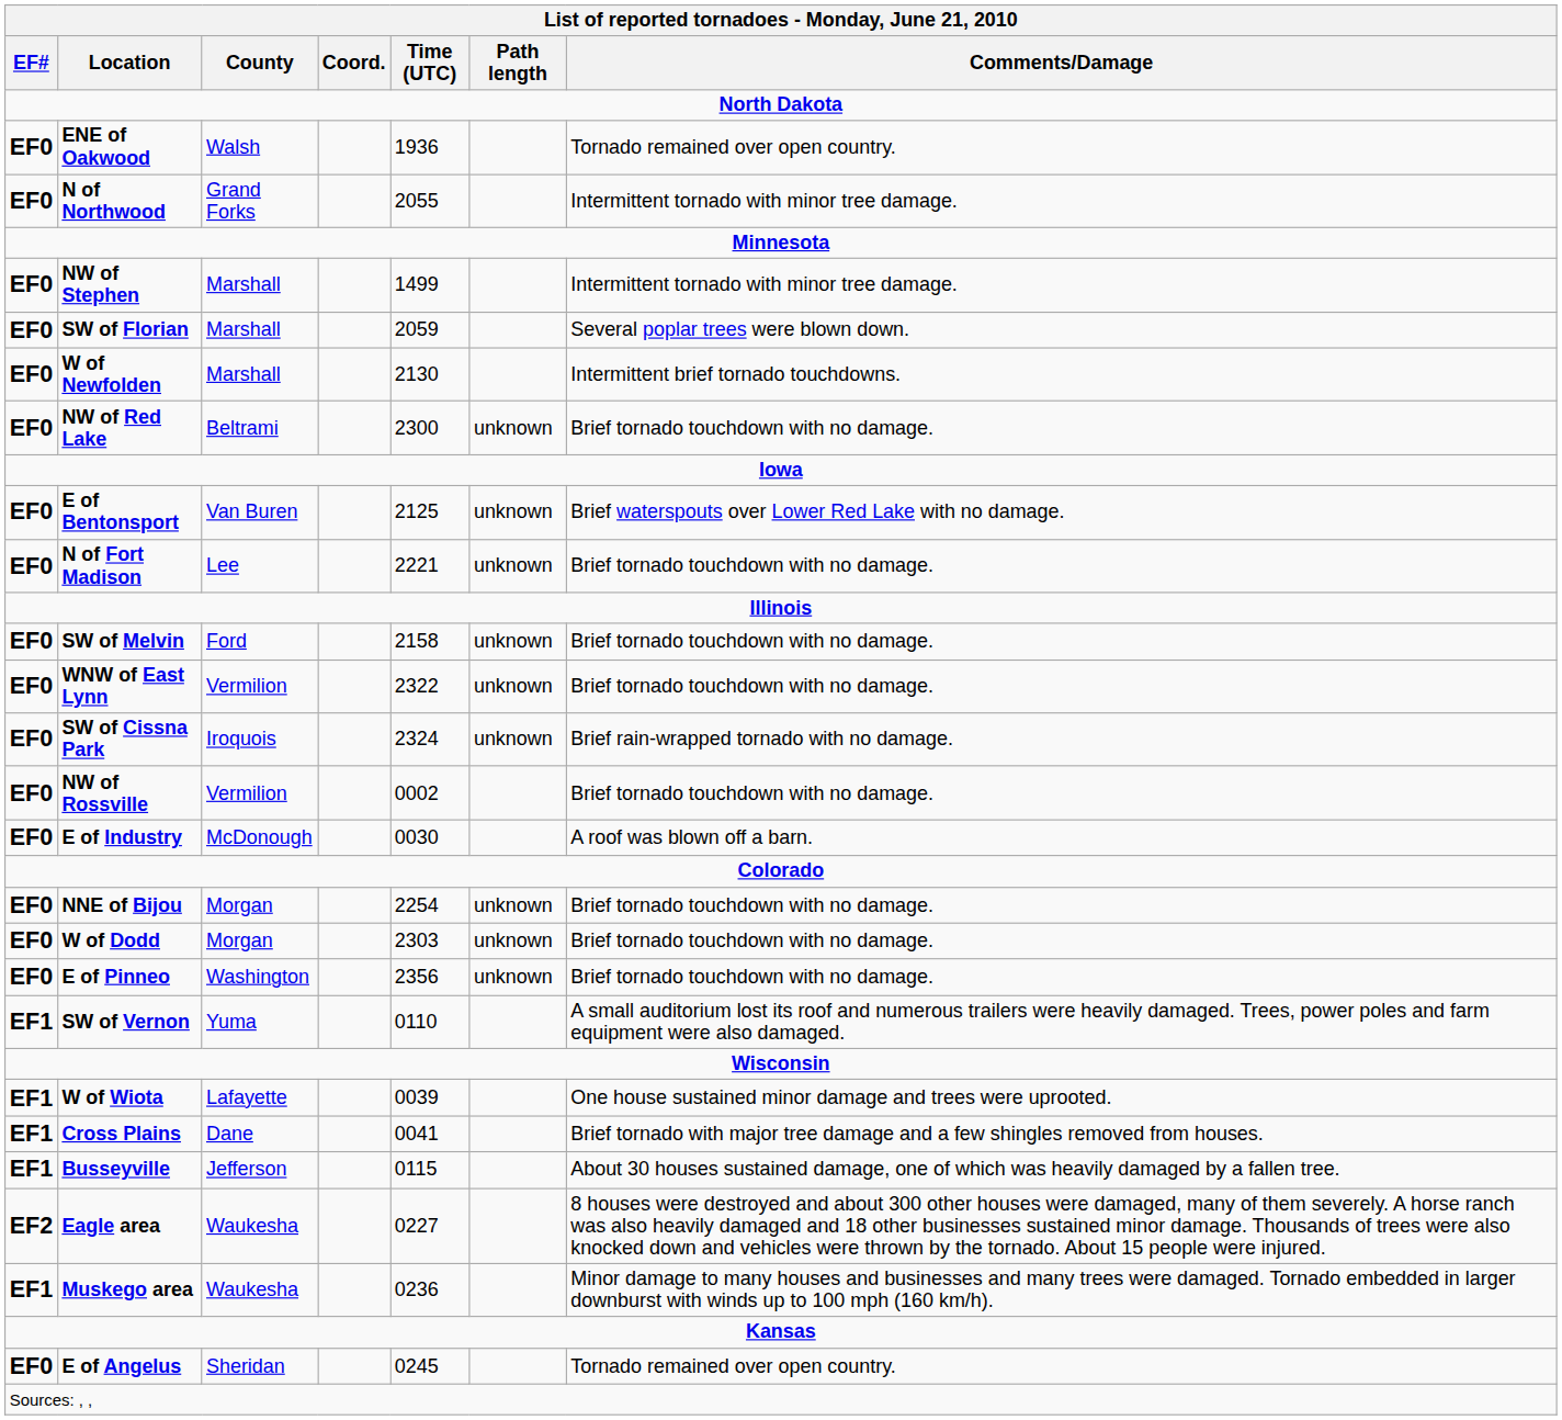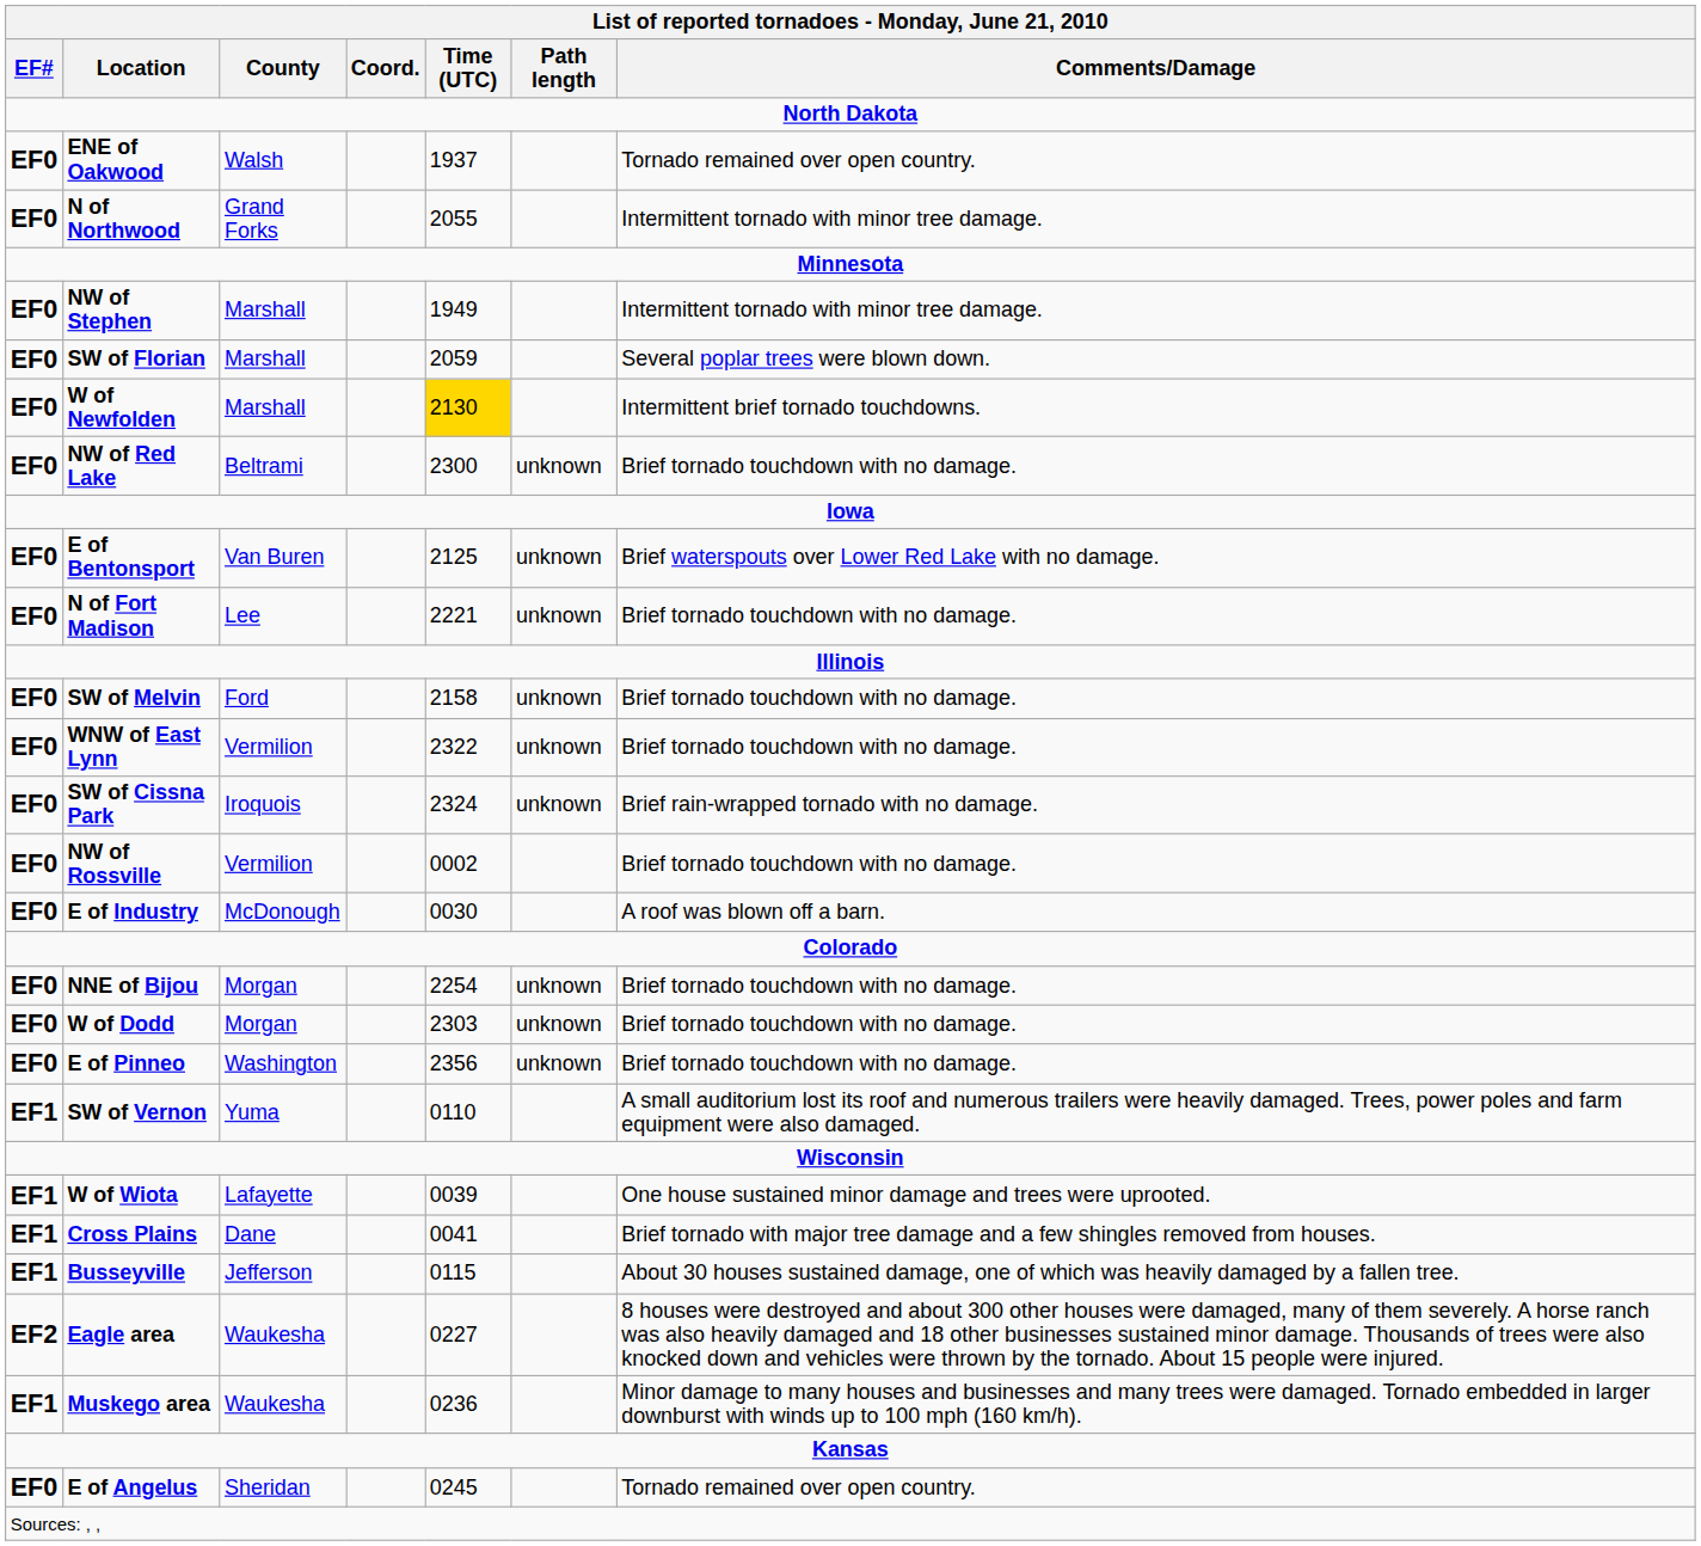 <table class="wikitable collapsible" width="100%">
 <tr>
 <th colspan="7">List of reported tornadoes - Monday, June 21, 2010</th>
 </tr>
 <tr>
 <th><a href='#'>EF#</a></th>
 <th>Location</th>
 <th>County</th>
 <th>Coord.</th>
 <th>Time (UTC)</th>
 <th>Path length</th>
 <th>Comments/Damage</th>
 </tr>
 <tr>
 <td colspan="7" align=center><strong><a href='#'>North Dakota</a></strong></td>
 </tr>
 <tr>
 <td><big><strong>EF0</strong></big></td>
 <td><strong>ENE of <a href='#'>Oakwood</a></strong></td>
 <td><a href='#'>Walsh</a></td>
 <td></td>
-<td>1936</td>
+<td>1937</td>
 <td></td>
 <td>Tornado remained over open country.</td>
 </tr>
 <tr>
 <td><big><strong>EF0</strong></big></td>
 <td><strong>N of <a href='#'>Northwood</a></strong></td>
 <td><a href='#'>Grand Forks</a></td>
 <td></td>
 <td>2055</td>
 <td></td>
 <td>Intermittent tornado with minor tree damage.</td>
 </tr>
 <tr>
 <td colspan="7" align=center><strong><a href='#'>Minnesota</a></strong></td>
 </tr>
 <tr>
 <td><big><strong>EF0</strong></big></td>
 <td><strong>NW of <a href='#'>Stephen</a></strong></td>
 <td><a href='#'>Marshall</a></td>
 <td></td>
-<td>1499</td>
+<td>1949</td>
 <td></td>
 <td>Intermittent tornado with minor tree damage.</td>
 </tr>
 <tr>
 <td><big><strong>EF0</strong></big></td>
 <td><strong>SW of <a href='#'>Florian</a></strong></td>
 <td><a href='#'>Marshall</a></td>
 <td></td>
 <td>2059</td>
 <td></td>
 <td>Several <a href='#'>poplar trees</a> were blown down.</td>
 </tr>
 <tr>
 <td><big><strong>EF0</strong></big></td>
 <td><strong>W of <a href='#'>Newfolden</a></strong></td>
 <td><a href='#'>Marshall</a></td>
 <td></td>
-<td>2130</td>
+<td style="background: gold;">2130</td>
 <td></td>
 <td>Intermittent brief tornado touchdowns.</td>
 </tr>
 <tr>
 <td><big><strong>EF0</strong></big></td>
 <td><strong>NW of <a href='#'>Red Lake</a></strong></td>
 <td><a href='#'>Beltrami</a></td>
 <td></td>
 <td>2300</td>
 <td>unknown</td>
 <td>Brief tornado touchdown with no damage.</td>
 </tr>
 <tr>
 <td colspan="7" align=center><strong><a href='#'>Iowa</a></strong></td>
 </tr>
 <tr>
 <td><big><strong>EF0</strong></big></td>
 <td><strong>E of <a href='#'>Bentonsport</a></strong></td>
 <td><a href='#'>Van Buren</a></td>
 <td></td>
 <td>2125</td>
 <td>unknown</td>
 <td>Brief <a href='#'>waterspouts</a> over <a href='#'>Lower Red Lake</a> with no damage.</td>
 </tr>
 <tr>
 <td><big><strong>EF0</strong></big></td>
 <td><strong>N of <a href='#'>Fort Madison</a></strong></td>
 <td><a href='#'>Lee</a></td>
 <td></td>
 <td>2221</td>
 <td>unknown</td>
 <td>Brief tornado touchdown with no damage.</td>
 </tr>
 <tr>
 <td colspan="7" align=center><strong><a href='#'>Illinois</a></strong></td>
 </tr>
 <tr>
 <td><big><strong>EF0</strong></big></td>
 <td><strong>SW of <a href='#'>Melvin</a></strong></td>
 <td><a href='#'>Ford</a></td>
 <td></td>
 <td>2158</td>
 <td>unknown</td>
 <td>Brief tornado touchdown with no damage.</td>
 </tr>
 <tr>
 <td><big><strong>EF0</strong></big></td>
 <td><strong>WNW of <a href='#'>East Lynn</a></strong></td>
 <td><a href='#'>Vermilion</a></td>
 <td></td>
 <td>2322</td>
 <td>unknown</td>
 <td>Brief tornado touchdown with no damage.</td>
 </tr>
 <tr>
 <td><big><strong>EF0</strong></big></td>
 <td><strong>SW of <a href='#'>Cissna Park</a></strong></td>
 <td><a href='#'>Iroquois</a></td>
 <td></td>
 <td>2324</td>
 <td>unknown</td>
 <td>Brief rain-wrapped tornado with no damage.</td>
 </tr>
 <tr>
 <td><big><strong>EF0</strong></big></td>
 <td><strong>NW of <a href='#'>Rossville</a></strong></td>
 <td><a href='#'>Vermilion</a></td>
 <td></td>
 <td>0002</td>
 <td></td>
 <td>Brief tornado touchdown with no damage.</td>
 </tr>
 <tr>
 <td><big><strong>EF0</strong></big></td>
 <td><strong>E of <a href='#'>Industry</a></strong></td>
 <td><a href='#'>McDonough</a></td>
 <td></td>
 <td>0030</td>
 <td></td>
 <td>A roof was blown off a barn.</td>
 </tr>
 <tr>
 <td colspan="7" align=center><strong><a href='#'>Colorado</a></strong></td>
 </tr>
 <tr>
 <td><big><strong>EF0</strong></big></td>
 <td><strong>NNE of <a href='#'>Bijou</a></strong></td>
 <td><a href='#'>Morgan</a></td>
 <td></td>
 <td>2254</td>
 <td>unknown</td>
 <td>Brief tornado touchdown with no damage.</td>
 </tr>
 <tr>
 <td><big><strong>EF0</strong></big></td>
 <td><strong>W of <a href='#'>Dodd</a></strong></td>
 <td><a href='#'>Morgan</a></td>
 <td></td>
 <td>2303</td>
 <td>unknown</td>
 <td>Brief tornado touchdown with no damage.</td>
 </tr>
 <tr>
 <td><big><strong>EF0</strong></big></td>
 <td><strong>E of <a href='#'>Pinneo</a></strong></td>
 <td><a href='#'>Washington</a></td>
 <td></td>
 <td>2356</td>
 <td>unknown</td>
 <td>Brief tornado touchdown with no damage.</td>
 </tr>
 <tr>
 <td><big><strong>EF1</strong></big></td>
 <td><strong>SW of <a href='#'>Vernon</a></strong></td>
 <td><a href='#'>Yuma</a></td>
 <td></td>
 <td>0110</td>
 <td></td>
 <td>A small auditorium lost its roof and numerous trailers were heavily damaged. Trees, power poles and farm equipment were also damaged.</td>
 </tr>
 <tr>
 <td colspan="7" align=center><strong><a href='#'>Wisconsin</a></strong></td>
 </tr>
 <tr>
 <td><big><strong>EF1</strong></big></td>
 <td><strong>W of <a href='#'>Wiota</a></strong></td>
 <td><a href='#'>Lafayette</a></td>
 <td></td>
 <td>0039</td>
 <td></td>
 <td>One house sustained minor damage and trees were uprooted.</td>
 </tr>
 <tr>
 <td><big><strong>EF1</strong></big></td>
 <td><strong><a href='#'>Cross Plains</a></strong></td>
 <td><a href='#'>Dane</a></td>
 <td></td>
 <td>0041</td>
 <td></td>
 <td>Brief tornado with major tree damage and a few shingles removed from houses.</td>
 </tr>
 <tr>
 <td><big><strong>EF1</strong></big></td>
 <td><strong><a href='#'>Busseyville</a></strong></td>
 <td><a href='#'>Jefferson</a></td>
 <td></td>
 <td>0115</td>
 <td></td>
 <td>About 30 houses sustained damage, one of which was heavily damaged by a fallen tree.</td>
 </tr>
 <tr>
 <td><big><strong>EF2</strong></big></td>
 <td><strong><a href='#'>Eagle</a> area</strong></td>
 <td><a href='#'>Waukesha</a></td>
 <td></td>
 <td>0227</td>
 <td></td>
 <td>8 houses were destroyed and about 300 other houses were damaged, many of them severely. A horse ranch was also heavily damaged and 18 other businesses sustained minor damage. Thousands of trees were also knocked down and vehicles were thrown by the tornado. About 15 people were injured.</td>
 </tr>
 <tr>
 <td><big><strong>EF1</strong></big></td>
 <td><strong><a href='#'>Muskego</a> area</strong></td>
 <td><a href='#'>Waukesha</a></td>
 <td></td>
 <td>0236</td>
 <td></td>
 <td>Minor damage to many houses and businesses and many trees were damaged. Tornado embedded in larger downburst with winds up to 100 mph (160 km/h).</td>
 </tr>
 <tr>
 <td colspan="7" align=center><strong><a href='#'>Kansas</a></strong></td>
 </tr>
 <tr>
 <td><big><strong>EF0</strong></big></td>
 <td><strong>E of <a href='#'>Angelus</a></strong></td>
 <td><a href='#'>Sheridan</a></td>
 <td></td>
 <td>0245</td>
 <td></td>
 <td>Tornado remained over open country.</td>
 </tr>
 <tr>
 <td colspan="7"><small>Sources: , , </small></td>
 </tr>
 </table>
